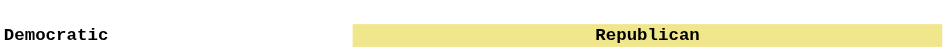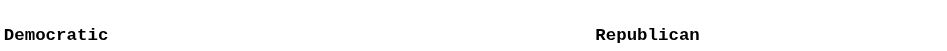 <table style="width:70%; text-align:center">
 <tr style="color:white">
 <td style="background:"><strong>283</strong></td>
 <td style="background:"><strong>153</strong></td>
 </tr>
 <tr>
 <td><span><strong>Democratic</strong></span></td>
-<td style="background: khaki;"><span><strong>Republican</strong></span></td>
+<td><span><strong>Republican</strong></span></td>
 </tr>
 </table>
